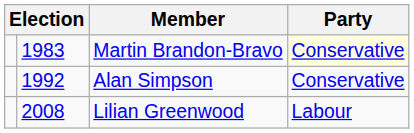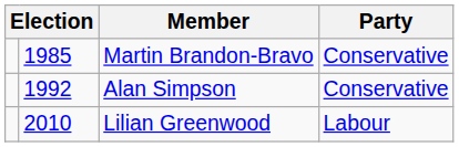 <table class="wikitable">
 <tr>
 <th colspan="2">Election</th>
 <th>Member</th>
 <th>Party</th>
 </tr>
 <tr>
 <td style="color:inherit;background-color: "></td>
-<td><a href='#'>1983</a></td>
+<td><a href='#'>1985</a></td>
 <td><a href='#'>Martin Brandon-Bravo</a></td>
-<td style="background: lightyellow;"><a href='#'>Conservative</a></td>
+<td><a href='#'>Conservative</a></td>
 </tr>
 <tr>
 <td style="color:inherit;background-color: "></td>
 <td><a href='#'>1992</a></td>
 <td><a href='#'>Alan Simpson</a></td>
 <td><a href='#'>Conservative</a></td>
 </tr>
 <tr>
 <td style="color:inherit;background-color: "></td>
-<td><a href='#'>2008</a></td>
+<td><a href='#'>2010</a></td>
 <td><a href='#'>Lilian Greenwood</a></td>
 <td><a href='#'>Labour</a></td>
 </tr>
 </table>
